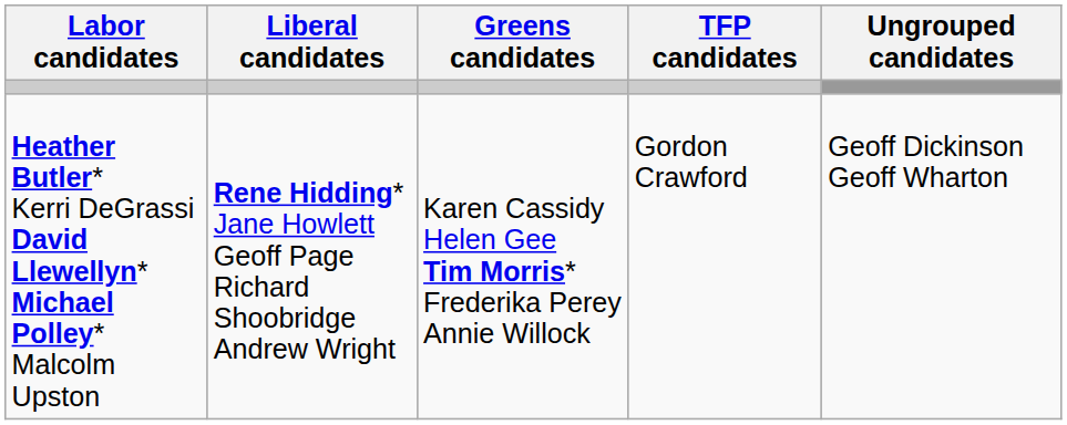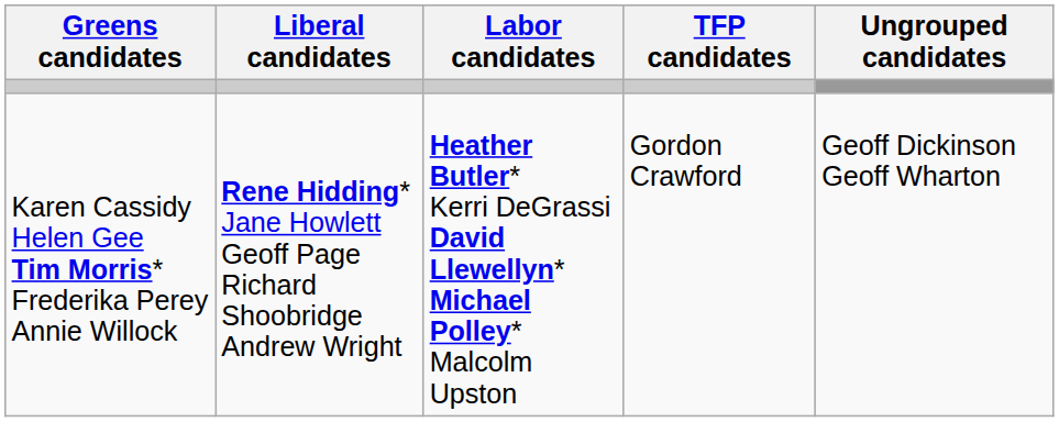 <table class="wikitable">
 <tr>
+<th><a href='#'>Greens</a> candidates</th>
+<th><a href='#'>Liberal</a> candidates</th>
 <th><a href='#'>Labor</a> candidates</th>
-<th><a href='#'>Liberal</a> candidates</th>
-<th><a href='#'>Greens</a> candidates</th>
 <th><a href='#'>TFP</a> candidates</th>
 <th>Ungrouped candidates</th>
 </tr>
 <tr bgcolor="#cccccc">
 <td></td>
 <td></td>
 <td></td>
 <td></td>
 <td bgcolor="#999999"></td>
 </tr>
 <tr>
+<td><br>Karen Cassidy<br> <a href='#'>Helen Gee</a><br> <strong><a href='#'>Tim Morris</a></strong>*<br> Frederika Perey<br> Annie Willock</td>
+<td><br><strong><a href='#'>Rene Hidding</a></strong>*<br> <a href='#'>Jane Howlett</a><br> Geoff Page<br> Richard Shoobridge<br> Andrew Wright</td>
 <td><br><strong><a href='#'>Heather Butler</a></strong>*<br> Kerri DeGrassi<br> <strong><a href='#'>David Llewellyn</a></strong>*<br> <strong><a href='#'>Michael Polley</a></strong>*<br> Malcolm Upston</td>
-<td><br><strong><a href='#'>Rene Hidding</a></strong>*<br> <a href='#'>Jane Howlett</a><br> Geoff Page<br> Richard Shoobridge<br> Andrew Wright</td>
-<td><br>Karen Cassidy<br> <a href='#'>Helen Gee</a><br> <strong><a href='#'>Tim Morris</a></strong>*<br> Frederika Perey<br> Annie Willock</td>
 <td valign=top><br>Gordon Crawford</td>
 <td valign=top><br>Geoff Dickinson<br> Geoff Wharton</td>
 </tr>
 </table>
